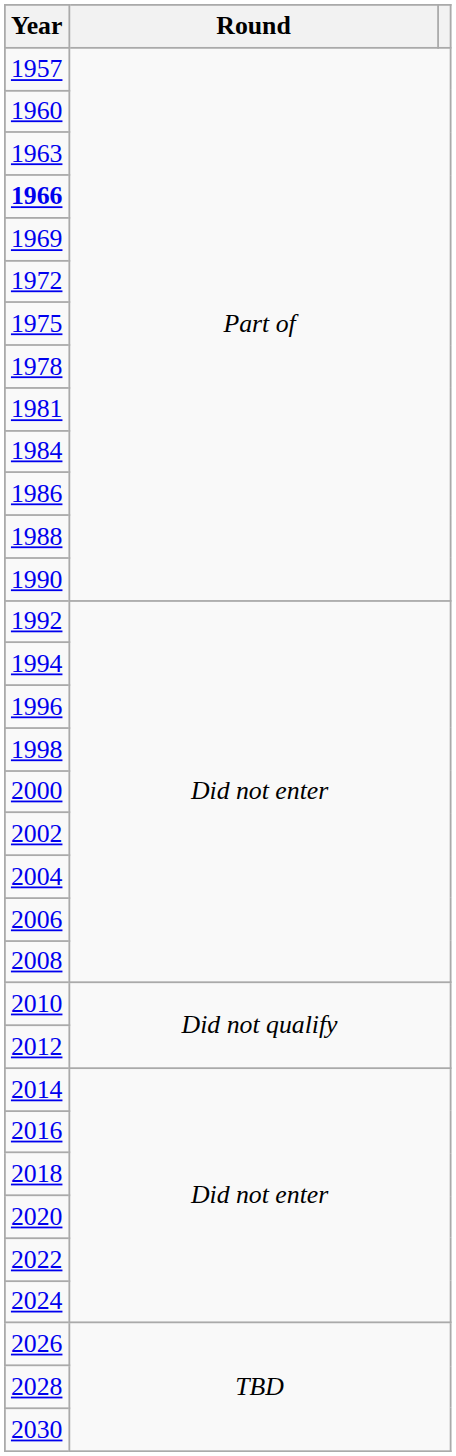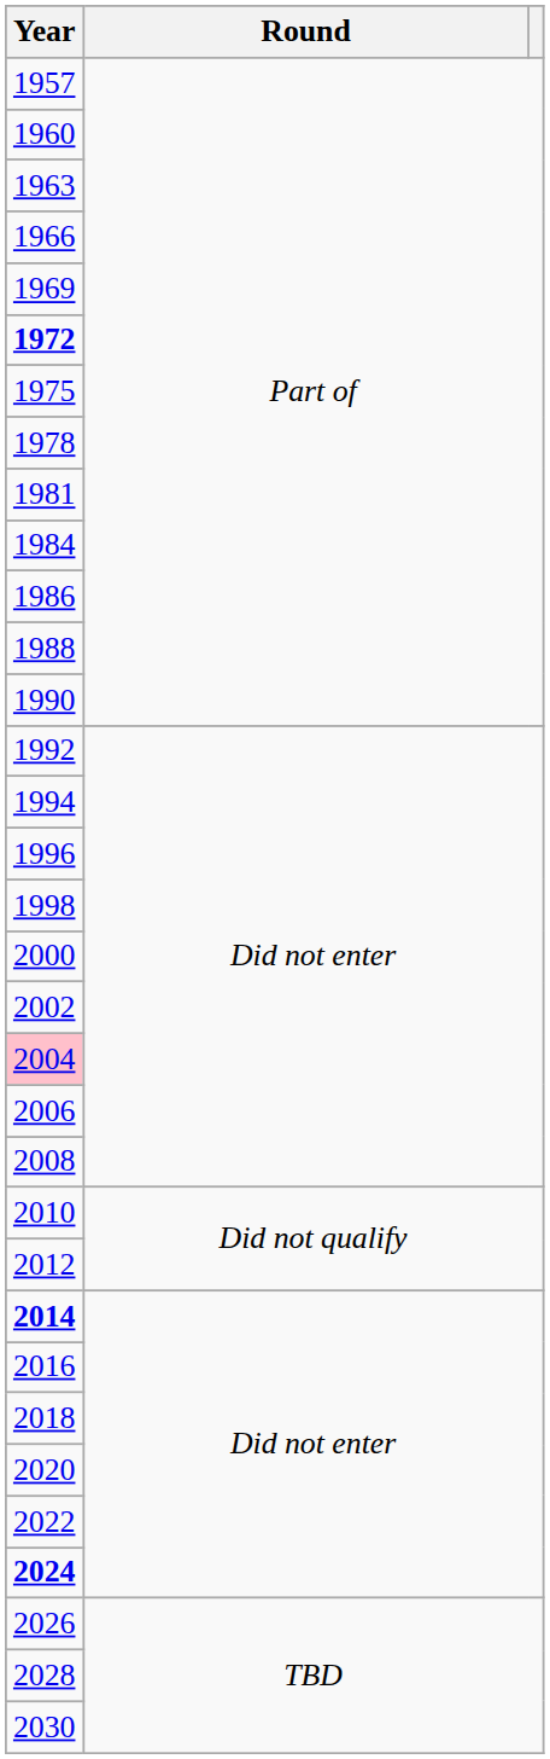 <table class="wikitable" style="text-align: center; font-size:90%">
 <tr>
 <th>Year</th>
 <th style="width:200px">Round</th>
 <th></th>
 </tr>
 <tr>
 <td><a href='#'>1957</a></td>
 <td colspan="2" rowspan="13"><em>Part of </em></td>
 </tr>
 <tr>
 <td><a href='#'>1960</a></td>
 </tr>
 <tr>
 <td><a href='#'>1963</a></td>
 </tr>
 <tr>
-<td><strong><a href='#'>1966</a></strong></td>
+<td><a href='#'>1966</a></td>
 </tr>
 <tr>
 <td><a href='#'>1969</a></td>
 </tr>
 <tr>
-<td><a href='#'>1972</a></td>
+<td><strong><a href='#'>1972</a></strong></td>
 </tr>
 <tr>
 <td><a href='#'>1975</a></td>
 </tr>
 <tr>
 <td><a href='#'>1978</a></td>
 </tr>
 <tr>
 <td><a href='#'>1981</a></td>
 </tr>
 <tr>
 <td><a href='#'>1984</a></td>
 </tr>
 <tr>
 <td><a href='#'>1986</a></td>
 </tr>
 <tr>
 <td><a href='#'>1988</a></td>
 </tr>
 <tr>
 <td><a href='#'>1990</a></td>
 </tr>
 <tr>
 <td><a href='#'>1992</a></td>
 <td colspan="2" rowspan="9"><em>Did not enter</em></td>
 </tr>
 <tr>
 <td><a href='#'>1994</a></td>
 </tr>
 <tr>
 <td><a href='#'>1996</a></td>
 </tr>
 <tr>
 <td><a href='#'>1998</a></td>
 </tr>
 <tr>
 <td><a href='#'>2000</a></td>
 </tr>
 <tr>
 <td><a href='#'>2002</a></td>
 </tr>
 <tr>
-<td><a href='#'>2004</a></td>
+<td style="background: pink;"><a href='#'>2004</a></td>
 </tr>
 <tr>
 <td><a href='#'>2006</a></td>
 </tr>
 <tr>
 <td><a href='#'>2008</a></td>
 </tr>
 <tr>
 <td><a href='#'>2010</a></td>
 <td colspan="2" rowspan="2"><em>Did not qualify</em></td>
 </tr>
 <tr>
 <td><a href='#'>2012</a></td>
 </tr>
 <tr>
-<td><a href='#'>2014</a></td>
+<td><strong><a href='#'>2014</a></strong></td>
 <td colspan="2" rowspan="6"><em>Did not enter</em></td>
 </tr>
 <tr>
 <td><a href='#'>2016</a></td>
 </tr>
 <tr>
 <td><a href='#'>2018</a></td>
 </tr>
 <tr>
 <td><a href='#'>2020</a></td>
 </tr>
 <tr>
 <td><a href='#'>2022</a></td>
 </tr>
 <tr>
-<td><a href='#'>2024</a></td>
+<td><strong><a href='#'>2024</a></strong></td>
 </tr>
 <tr>
 <td><a href='#'>2026</a></td>
 <td colspan="2" rowspan="3"><em>TBD</em></td>
 </tr>
 <tr>
 <td><a href='#'>2028</a></td>
 </tr>
 <tr>
 <td><a href='#'>2030</a></td>
 </tr>
 </table>
